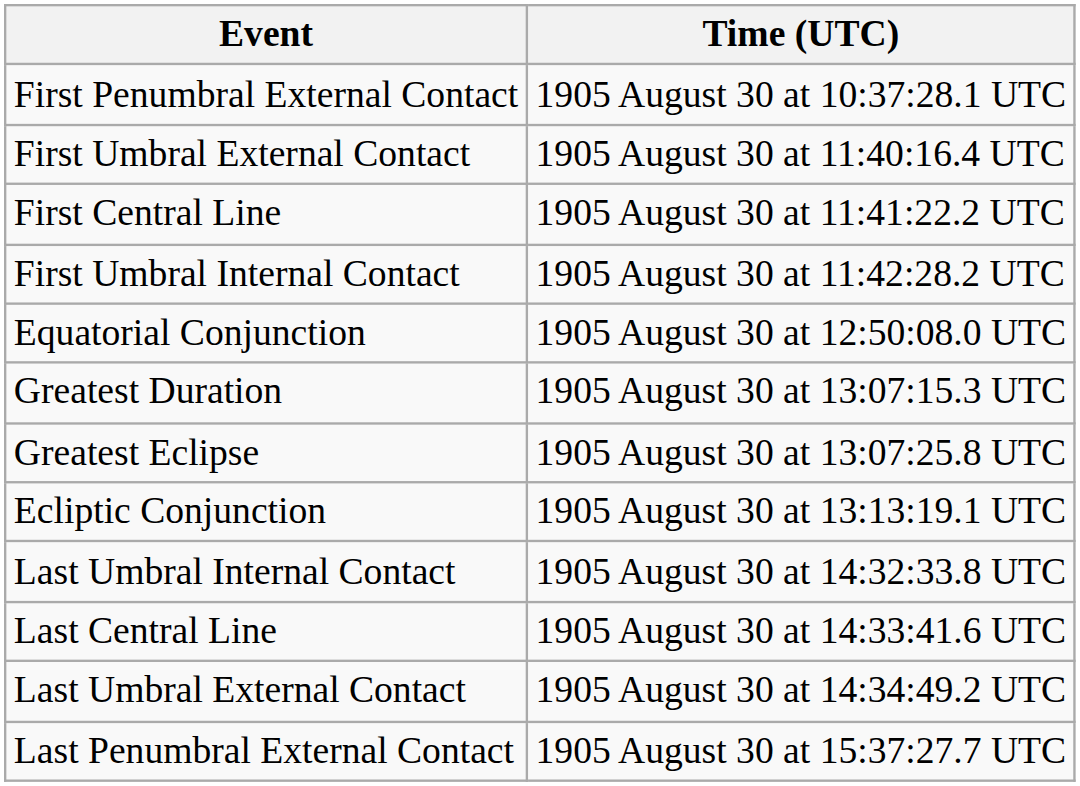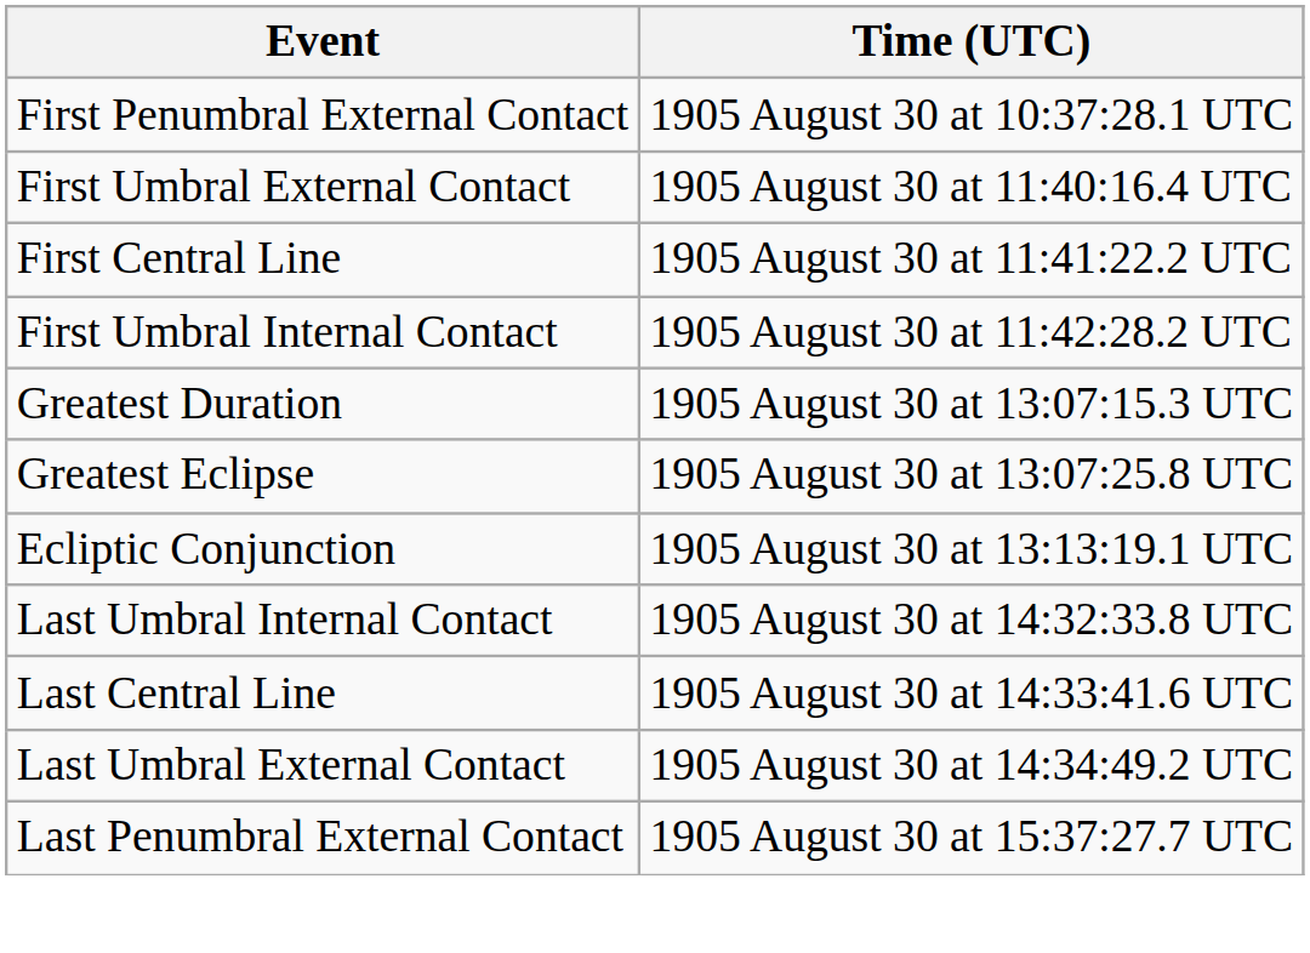 <table class="wikitable">
 <tr>
 <th>Event</th>
 <th>Time (UTC)</th>
 </tr>
 <tr>
 <td>First Penumbral External Contact</td>
 <td>1905 August 30 at 10:37:28.1 UTC</td>
 </tr>
 <tr>
 <td>First Umbral External Contact</td>
 <td>1905 August 30 at 11:40:16.4 UTC</td>
 </tr>
 <tr>
 <td>First Central Line</td>
 <td>1905 August 30 at 11:41:22.2 UTC</td>
 </tr>
 <tr>
 <td>First Umbral Internal Contact</td>
 <td>1905 August 30 at 11:42:28.2 UTC</td>
-</tr>
-<tr>
-<td>Equatorial Conjunction</td>
-<td>1905 August 30 at 12:50:08.0 UTC</td>
 </tr>
 <tr>
 <td>Greatest Duration</td>
 <td>1905 August 30 at 13:07:15.3 UTC</td>
 </tr>
 <tr>
 <td>Greatest Eclipse</td>
 <td>1905 August 30 at 13:07:25.8 UTC</td>
 </tr>
 <tr>
 <td>Ecliptic Conjunction</td>
 <td>1905 August 30 at 13:13:19.1 UTC</td>
 </tr>
 <tr>
 <td>Last Umbral Internal Contact</td>
 <td>1905 August 30 at 14:32:33.8 UTC</td>
 </tr>
 <tr>
 <td>Last Central Line</td>
 <td>1905 August 30 at 14:33:41.6 UTC</td>
 </tr>
 <tr>
 <td>Last Umbral External Contact</td>
 <td>1905 August 30 at 14:34:49.2 UTC</td>
 </tr>
 <tr>
 <td>Last Penumbral External Contact</td>
 <td>1905 August 30 at 15:37:27.7 UTC</td>
 </tr>
 </table>
